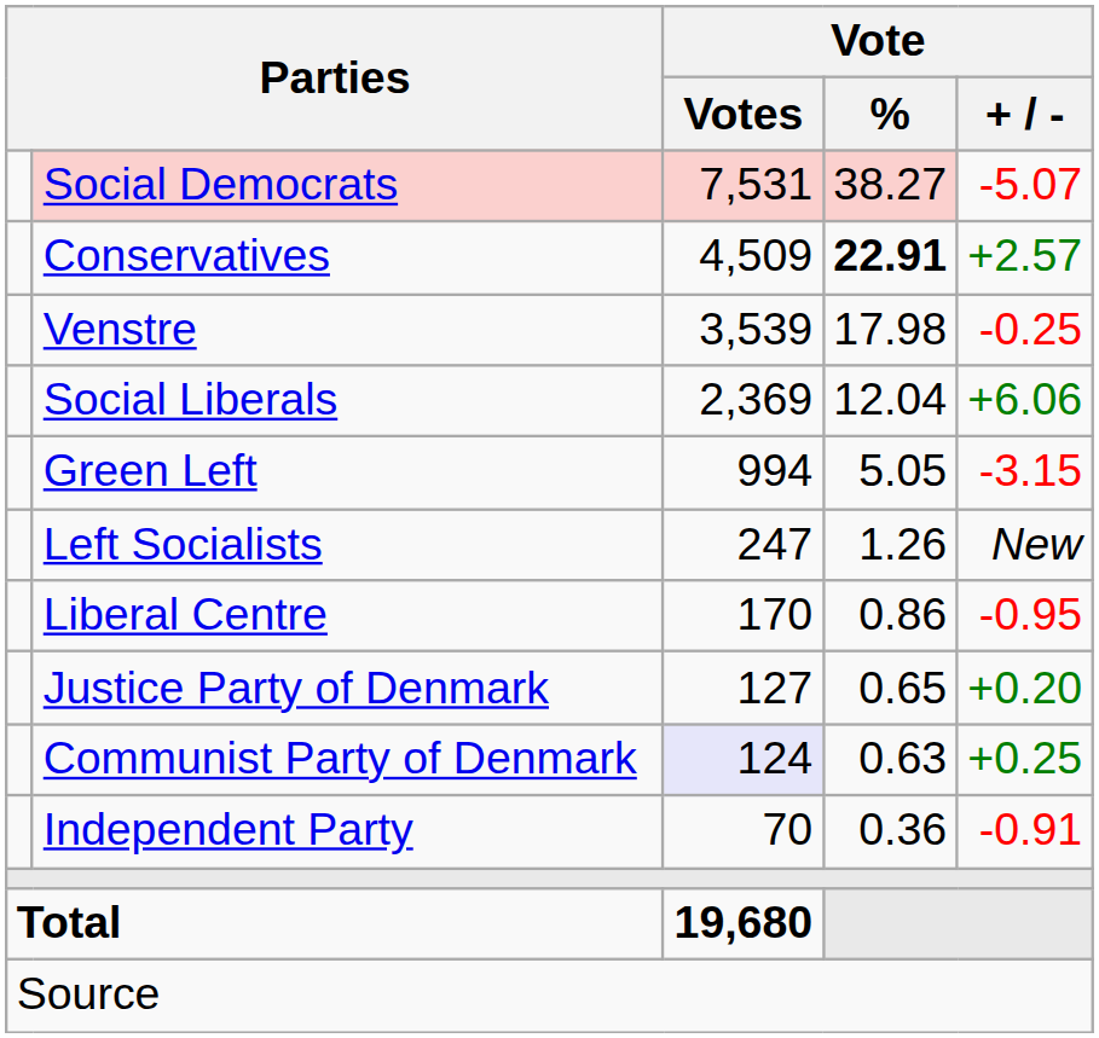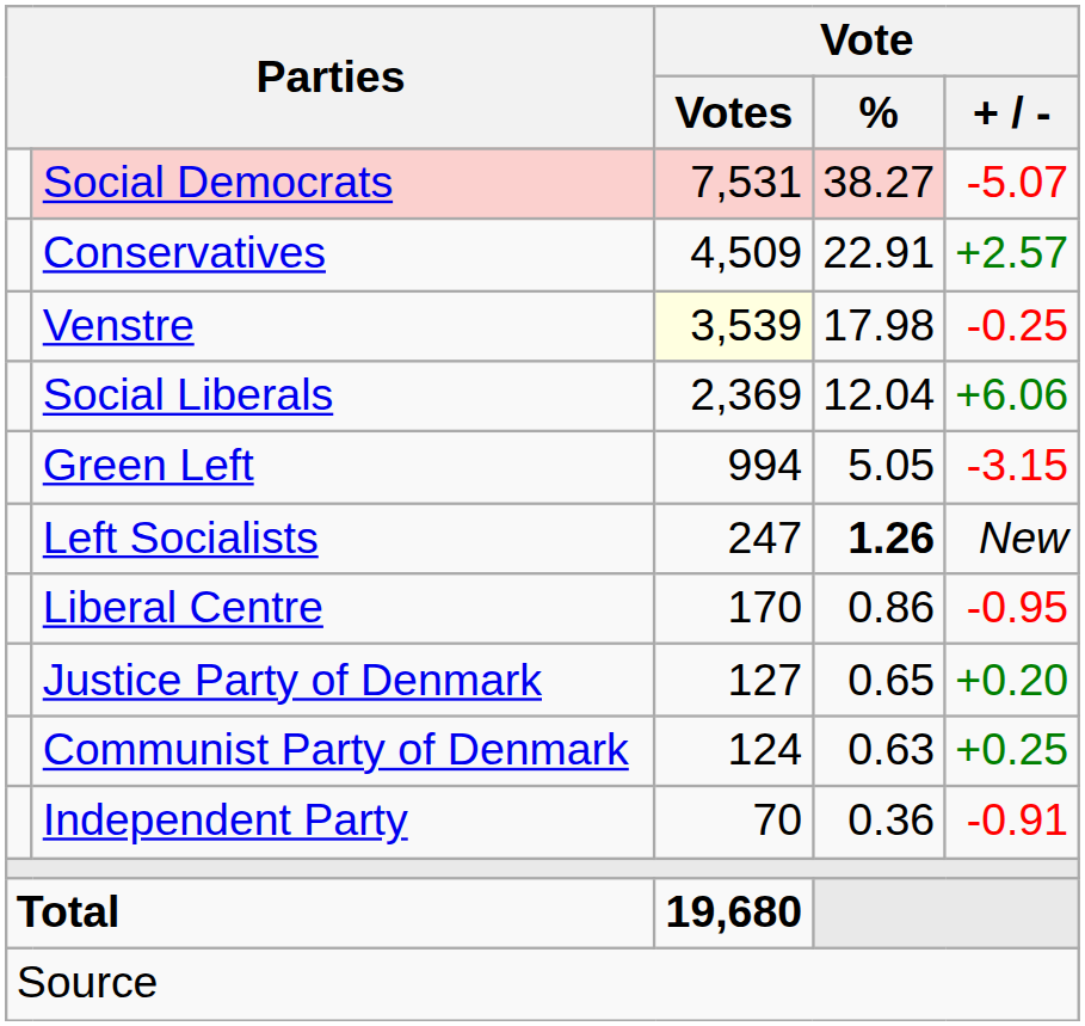 <table class="wikitable" style="text-align:right;">
 <tr>
 <th style="text-align:centre;" rowspan="2" colspan="2" width="225">Parties</th>
 <th colspan="3">Vote</th>
 </tr>
 <tr>
 <th width="15">Votes</th>
 <th width="15">%</th>
 <th width="15">+ / -</th>
 </tr>
 <tr>
 <td width="2" style="color:inherit;background:"></td>
 <td bgcolor=#fbd0ce  align="left"><a href='#'>Social Democrats</a></td>
 <td bgcolor=#fbd0ce>7,531</td>
 <td bgcolor=#fbd0ce>38.27</td>
 <td style=color:red;>-5.07</td>
 </tr>
 <tr>
 <td width="2" style="color:inherit;background:"></td>
 <td align="left"><a href='#'>Conservatives</a></td>
 <td>4,509</td>
-<td><strong>22.91</strong></td>
+<td>22.91</td>
 <td style=color:green;>+2.57</td>
 </tr>
 <tr>
 <td width="2" style="color:inherit;background:"></td>
 <td align="left"><a href='#'>Venstre</a></td>
-<td>3,539</td>
+<td style="background: lightyellow;">3,539</td>
 <td>17.98</td>
 <td style=color:red;>-0.25</td>
 </tr>
 <tr>
 <td width="2" style="color:inherit;background:"></td>
 <td align="left"><a href='#'>Social Liberals</a></td>
 <td>2,369</td>
 <td>12.04</td>
 <td style=color:green;>+6.06</td>
 </tr>
 <tr>
 <td width="2" style="color:inherit;background:"></td>
 <td align="left"><a href='#'>Green Left</a></td>
 <td>994</td>
 <td>5.05</td>
 <td style=color:red;>-3.15</td>
 </tr>
 <tr>
 <td width="2" style="color:inherit;background:"></td>
 <td align="left"><a href='#'>Left Socialists</a></td>
 <td>247</td>
-<td>1.26</td>
+<td><strong>1.26</strong></td>
 <td><em>New</em></td>
 </tr>
 <tr>
 <td width="2" style="color:inherit;background:"></td>
 <td align="left"><a href='#'>Liberal Centre</a></td>
 <td>170</td>
 <td>0.86</td>
 <td style=color:red;>-0.95</td>
 </tr>
 <tr>
 <td width="2" style="color:inherit;background:"></td>
 <td align="left"><a href='#'>Justice Party of Denmark</a></td>
 <td>127</td>
 <td>0.65</td>
 <td style=color:green;>+0.20</td>
 </tr>
 <tr>
 <td width="2" style="color:inherit;background:"></td>
 <td align="left"><a href='#'>Communist Party of Denmark</a></td>
-<td style="background: lavender;">124</td>
+<td>124</td>
 <td>0.63</td>
 <td style=color:green;>+0.25</td>
 </tr>
 <tr>
 <td width="2" style="color:inherit;background:"></td>
 <td align="left"><a href='#'>Independent Party</a></td>
 <td>70</td>
 <td>0.36</td>
 <td style=color:red;>-0.91</td>
 </tr>
 <tr>
 <td colspan="7" bgcolor="#E9E9E9"></td>
 </tr>
 <tr>
 <td align="left" colspan="2"><strong>Total</strong></td>
 <td><strong>19,680</strong></td>
 <td bgcolor="#E9E9E9" colspan="2"></td>
 </tr>
 <tr>
 <td align="left" colspan="6">Source</td>
 </tr>
 </table>
